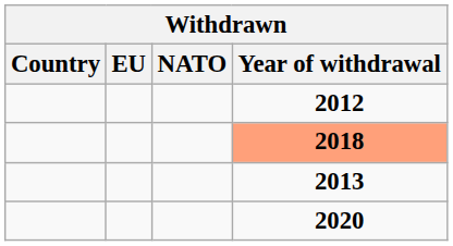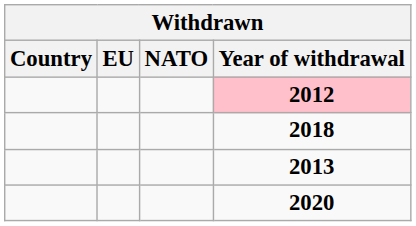 <table class="wikitable sortable">
 <tr>
 <th colspan="5">Withdrawn</th>
 </tr>
 <tr>
 <th>Country</th>
 <th>EU</th>
 <th>NATO</th>
 <th>Year of withdrawal</th>
 </tr>
 <tr>
 <td></td>
 <td></td>
 <td></td>
-<td style="text-align:center"><strong>2012</strong></td>
+<td style="background: pink; text-align:center"><strong>2012</strong></td>
 </tr>
 <tr>
 <td></td>
 <td></td>
 <td></td>
-<td style="background: lightsalmon; text-align:center"><strong>2018</strong></td>
+<td style="text-align:center"><strong>2018</strong></td>
 </tr>
 <tr>
 <td></td>
 <td></td>
 <td></td>
 <td style="text-align:center"><strong>2013</strong></td>
 </tr>
 <tr>
 <td></td>
 <td></td>
 <td></td>
 <td style="text-align:center"><strong>2020</strong></td>
 </tr>
 </table>
